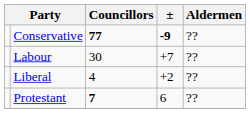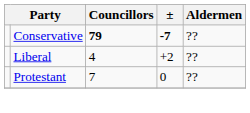 <table class="wikitable">
 <tr>
 <th colspan="2">Party</th>
 <th>Councillors</th>
 <th>  ±  </th>
 <th>Aldermen</th>
 </tr>
 <tr>
 <td style="background-color: "></td>
 <td><a href='#'>Conservative</a></td>
-<td><strong>77</strong></td>
-<td><strong>-9</strong></td>
-<td>??</td>
-</tr>
-<tr>
-<td style="background-color: "></td>
-<td><a href='#'>Labour</a></td>
-<td>30</td>
-<td>+7</td>
+<td><strong>79</strong></td>
+<td><strong>-7</strong></td>
 <td>??</td>
 </tr>
 <tr>
 <td style="background-color: "></td>
 <td><a href='#'>Liberal</a></td>
 <td>4</td>
 <td>+2</td>
 <td>??</td>
 </tr>
 <tr>
 <td style="background-color: "></td>
 <td><a href='#'>Protestant</a></td>
-<td><strong>7</strong></td>
-<td>6</td>
+<td>7</td>
+<td>0</td>
 <td>??</td>
 </tr>
 <tr>
 </tr>
 </table>
